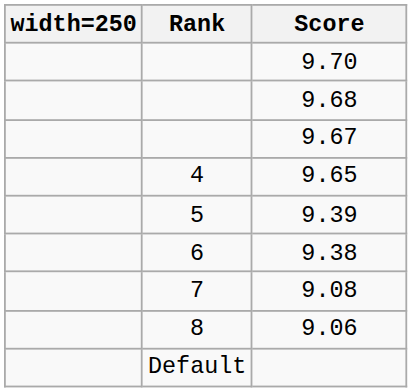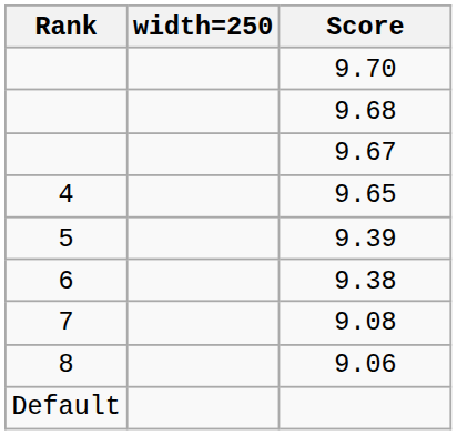 <table class=wikitable style="text-align:center">
 <tr>
+<th width=40>Rank</th>
 <th>width=250</th>
-<th width=40>Rank</th>
 <th width=80>Score</th>
 </tr>
 <tr>
+<td></td>
 <td align=left></td>
-<td></td>
 <td>9.70</td>
 </tr>
 <tr>
+<td></td>
 <td align=left></td>
-<td></td>
 <td>9.68</td>
 </tr>
 <tr>
+<td></td>
 <td align=left></td>
-<td></td>
 <td>9.67</td>
 </tr>
 <tr>
+<td>4</td>
 <td align=left></td>
-<td>4</td>
 <td>9.65</td>
 </tr>
 <tr>
+<td>5</td>
 <td align=left></td>
-<td>5</td>
 <td>9.39</td>
 </tr>
 <tr>
+<td>6</td>
 <td align=left></td>
-<td>6</td>
 <td>9.38</td>
 </tr>
 <tr>
+<td>7</td>
 <td align=left></td>
-<td>7</td>
 <td>9.08</td>
 </tr>
 <tr>
+<td>8</td>
 <td align=left></td>
-<td>8</td>
 <td>9.06</td>
 </tr>
 <tr>
+<td>Default</td>
 <td align=left></td>
-<td>Default</td>
 <td></td>
 </tr>
 </table>
